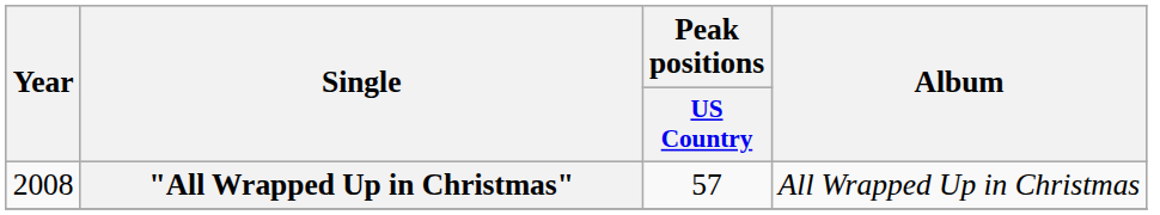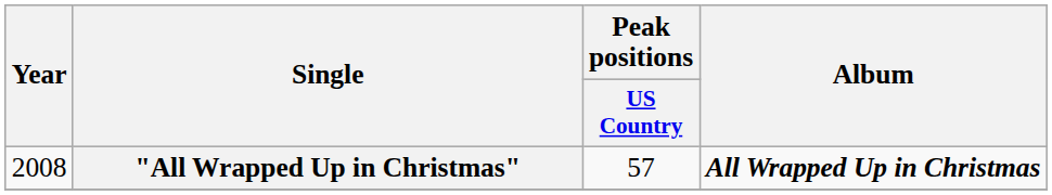 <table class="wikitable plainrowheaders" style="text-align:center;">
 <tr>
 <th rowspan="2">Year</th>
 <th rowspan="2" style="width:18em;">Single</th>
 <th colspan="1">Peak positions</th>
 <th rowspan="2">Album</th>
 </tr>
 <tr style="font-size:smaller;">
 <th width="60"><a href='#'>US Country</a><br></th>
 </tr>
 <tr>
 <td>2008</td>
 <th scope="row">"All Wrapped Up in Christmas"</th>
 <td>57</td>
-<td align="left"><em>All Wrapped Up in Christmas</em></td>
+<td align="left"><strong><em>All Wrapped Up in Christmas</em></strong></td>
 </tr>
 <tr>
 </tr>
 </table>
